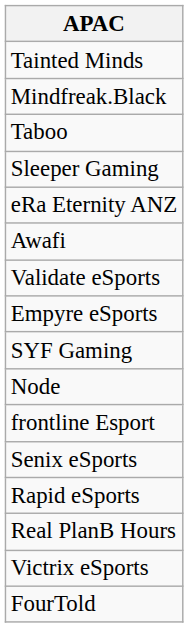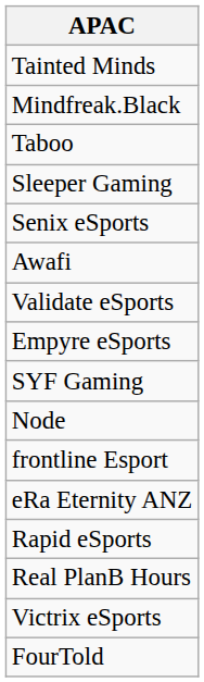 <table class="wikitable" style="display: inline-table; margin-left: 25px;">
 <tr>
 <th>APAC</th>
 </tr>
 <tr>
 <td>Tainted Minds</td>
 </tr>
 <tr>
 <td>Mindfreak.Black</td>
 </tr>
 <tr>
 <td>Taboo</td>
 </tr>
 <tr>
 <td>Sleeper Gaming</td>
 </tr>
 <tr>
-<td>eRa Eternity ANZ</td>
+<td>Senix eSports</td>
 </tr>
 <tr>
 <td>Awafi</td>
 </tr>
 <tr>
 <td>Validate eSports</td>
 </tr>
 <tr>
 <td>Empyre eSports</td>
 </tr>
 <tr>
 <td>SYF Gaming</td>
 </tr>
 <tr>
 <td>Node</td>
 </tr>
 <tr>
 <td>frontline Esport</td>
 </tr>
 <tr>
-<td>Senix eSports</td>
+<td>eRa Eternity ANZ</td>
 </tr>
 <tr>
 <td>Rapid eSports</td>
 </tr>
 <tr>
 <td>Real PlanB Hours</td>
 </tr>
 <tr>
 <td>Victrix eSports</td>
 </tr>
 <tr>
 <td>FourTold</td>
 </tr>
 </table>
